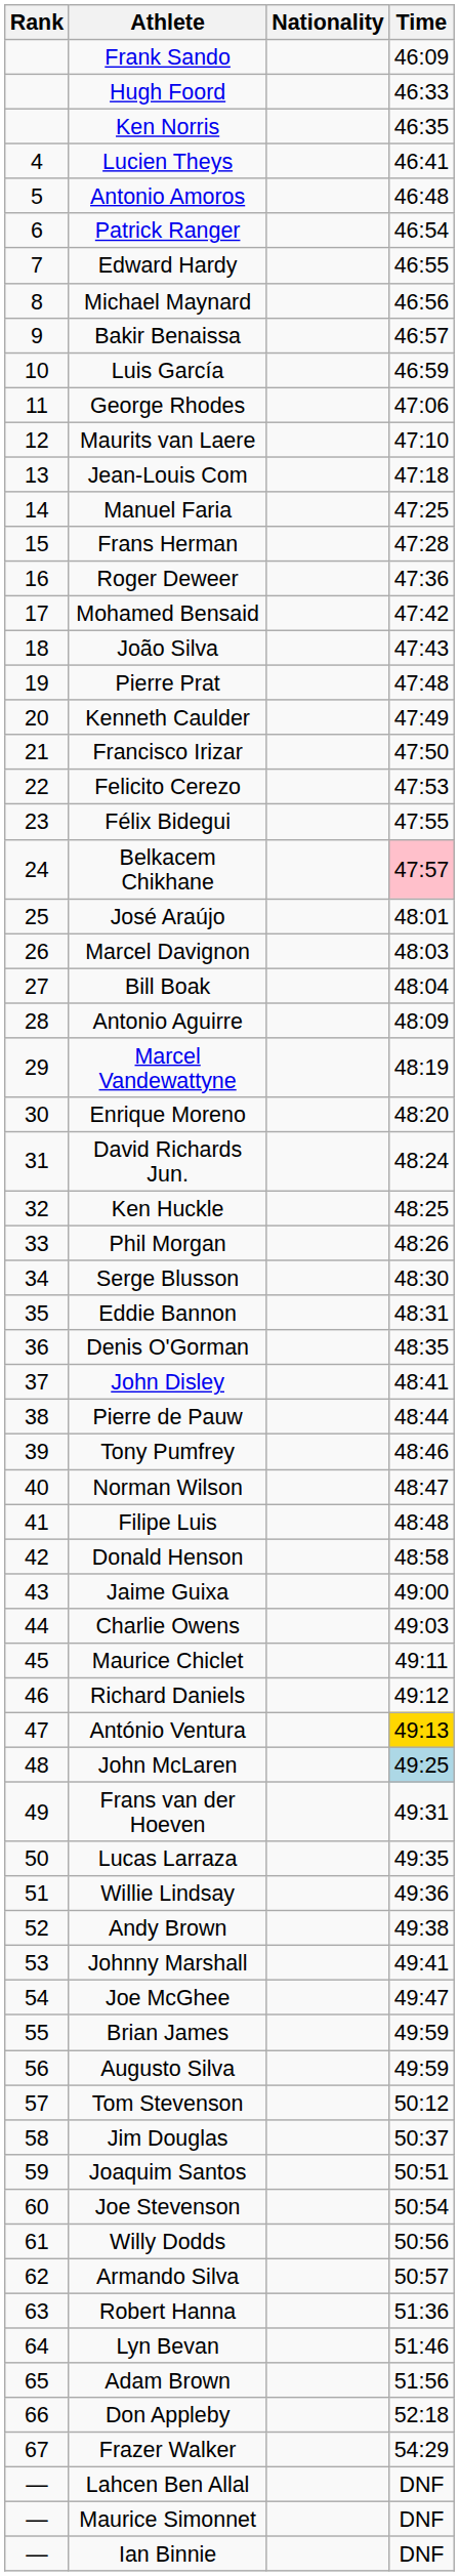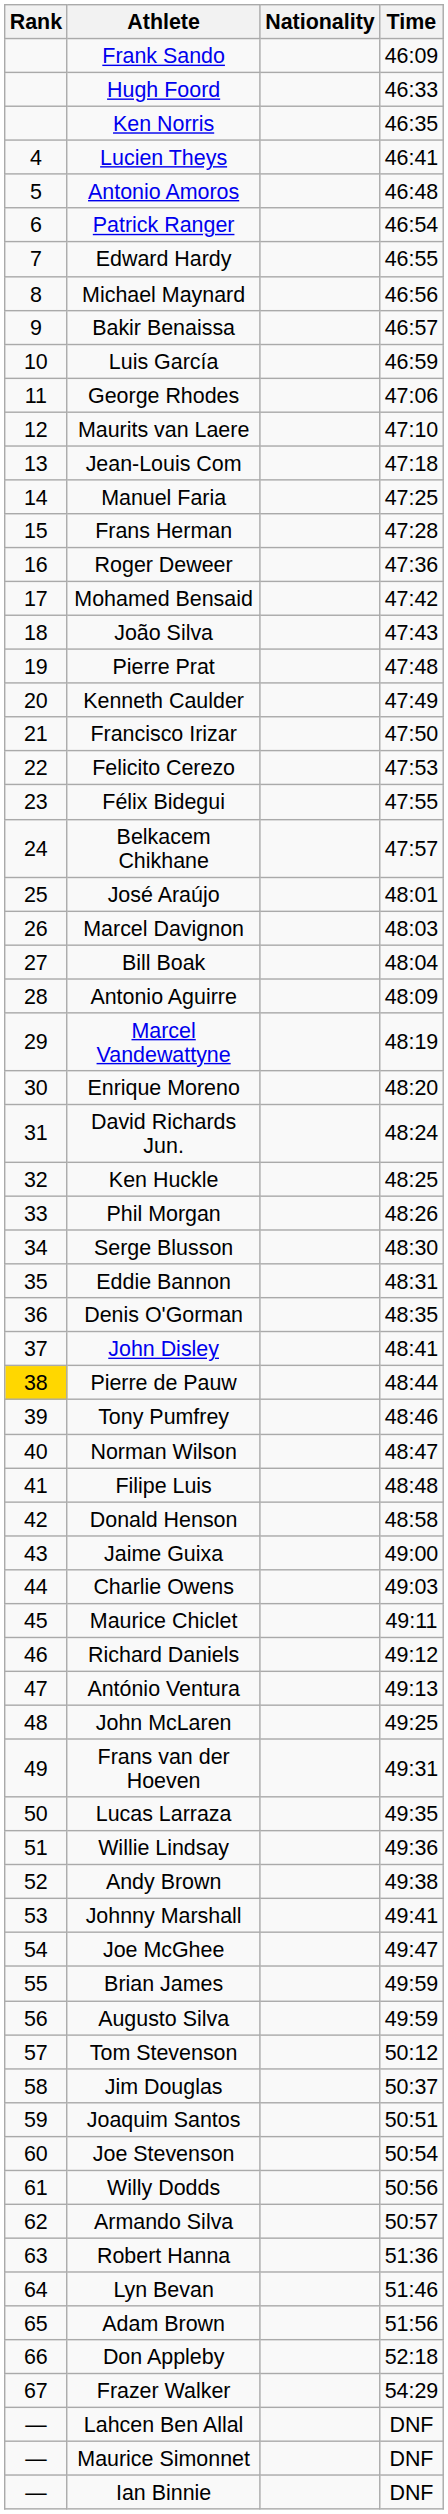 <table class="wikitable sortable" style=" text-align:center; font-size:95%;" width="50%">
 <tr>
 <th>Rank</th>
 <th>Athlete</th>
 <th>Nationality</th>
 <th>Time</th>
 </tr>
 <tr>
 <td align=center></td>
 <td><a href='#'>Frank Sando</a></td>
 <td></td>
 <td>46:09</td>
 </tr>
 <tr>
 <td align=center></td>
 <td><a href='#'>Hugh Foord</a></td>
 <td></td>
 <td>46:33</td>
 </tr>
 <tr>
 <td align=center></td>
 <td><a href='#'>Ken Norris</a></td>
 <td></td>
 <td>46:35</td>
 </tr>
 <tr>
 <td align=center>4</td>
 <td><a href='#'>Lucien Theys</a></td>
 <td></td>
 <td>46:41</td>
 </tr>
 <tr>
 <td align=center>5</td>
 <td><a href='#'>Antonio Amoros</a></td>
 <td></td>
 <td>46:48</td>
 </tr>
 <tr>
 <td align=center>6</td>
 <td><a href='#'>Patrick Ranger</a></td>
 <td></td>
 <td>46:54</td>
 </tr>
 <tr>
 <td align=center>7</td>
 <td>Edward Hardy</td>
 <td></td>
 <td>46:55</td>
 </tr>
 <tr>
 <td align=center>8</td>
 <td>Michael Maynard</td>
 <td></td>
 <td>46:56</td>
 </tr>
 <tr>
 <td align=center>9</td>
 <td>Bakir Benaissa</td>
 <td></td>
 <td>46:57</td>
 </tr>
 <tr>
 <td align=center>10</td>
 <td>Luis García</td>
 <td></td>
 <td>46:59</td>
 </tr>
 <tr>
 <td align=center>11</td>
 <td>George Rhodes</td>
 <td></td>
 <td>47:06</td>
 </tr>
 <tr>
 <td align=center>12</td>
 <td>Maurits van Laere</td>
 <td></td>
 <td>47:10</td>
 </tr>
 <tr>
 <td align=center>13</td>
 <td>Jean-Louis Com</td>
 <td></td>
 <td>47:18</td>
 </tr>
 <tr>
 <td align=center>14</td>
 <td>Manuel Faria</td>
 <td></td>
 <td>47:25</td>
 </tr>
 <tr>
 <td align=center>15</td>
 <td>Frans Herman</td>
 <td></td>
 <td>47:28</td>
 </tr>
 <tr>
 <td align=center>16</td>
 <td>Roger Deweer</td>
 <td></td>
 <td>47:36</td>
 </tr>
 <tr>
 <td align=center>17</td>
 <td>Mohamed Bensaid</td>
 <td></td>
 <td>47:42</td>
 </tr>
 <tr>
 <td align=center>18</td>
 <td>João Silva</td>
 <td></td>
 <td>47:43</td>
 </tr>
 <tr>
 <td align=center>19</td>
 <td>Pierre Prat</td>
 <td></td>
 <td>47:48</td>
 </tr>
 <tr>
 <td align=center>20</td>
 <td>Kenneth Caulder</td>
 <td></td>
 <td>47:49</td>
 </tr>
 <tr>
 <td align=center>21</td>
 <td>Francisco Irizar</td>
 <td></td>
 <td>47:50</td>
 </tr>
 <tr>
 <td align=center>22</td>
 <td>Felicito Cerezo</td>
 <td></td>
 <td>47:53</td>
 </tr>
 <tr>
 <td align=center>23</td>
 <td>Félix Bidegui</td>
 <td></td>
 <td>47:55</td>
 </tr>
 <tr>
 <td align=center>24</td>
 <td>Belkacem Chikhane</td>
 <td></td>
-<td style="background: pink;">47:57</td>
+<td>47:57</td>
 </tr>
 <tr>
 <td align=center>25</td>
 <td>José Araújo</td>
 <td></td>
 <td>48:01</td>
 </tr>
 <tr>
 <td align=center>26</td>
 <td>Marcel Davignon</td>
 <td></td>
 <td>48:03</td>
 </tr>
 <tr>
 <td align=center>27</td>
 <td>Bill Boak</td>
 <td></td>
 <td>48:04</td>
 </tr>
 <tr>
 <td align=center>28</td>
 <td>Antonio Aguirre</td>
 <td></td>
 <td>48:09</td>
 </tr>
 <tr>
 <td align=center>29</td>
 <td><a href='#'>Marcel Vandewattyne</a></td>
 <td></td>
 <td>48:19</td>
 </tr>
 <tr>
 <td align=center>30</td>
 <td>Enrique Moreno</td>
 <td></td>
 <td>48:20</td>
 </tr>
 <tr>
 <td align=center>31</td>
 <td>David Richards Jun.</td>
 <td></td>
 <td>48:24</td>
 </tr>
 <tr>
 <td align=center>32</td>
 <td>Ken Huckle</td>
 <td></td>
 <td>48:25</td>
 </tr>
 <tr>
 <td align=center>33</td>
 <td>Phil Morgan</td>
 <td></td>
 <td>48:26</td>
 </tr>
 <tr>
 <td align=center>34</td>
 <td>Serge Blusson</td>
 <td></td>
 <td>48:30</td>
 </tr>
 <tr>
 <td align=center>35</td>
 <td>Eddie Bannon</td>
 <td></td>
 <td>48:31</td>
 </tr>
 <tr>
 <td align=center>36</td>
 <td>Denis O'Gorman</td>
 <td></td>
 <td>48:35</td>
 </tr>
 <tr>
 <td align=center>37</td>
 <td><a href='#'>John Disley</a></td>
 <td></td>
 <td>48:41</td>
 </tr>
 <tr>
-<td align=center>38</td>
+<td align=center style="background: gold;">38</td>
 <td>Pierre de Pauw</td>
 <td></td>
 <td>48:44</td>
 </tr>
 <tr>
 <td align=center>39</td>
 <td>Tony Pumfrey</td>
 <td></td>
 <td>48:46</td>
 </tr>
 <tr>
 <td align=center>40</td>
 <td>Norman Wilson</td>
 <td></td>
 <td>48:47</td>
 </tr>
 <tr>
 <td align=center>41</td>
 <td>Filipe Luis</td>
 <td></td>
 <td>48:48</td>
 </tr>
 <tr>
 <td align=center>42</td>
 <td>Donald Henson</td>
 <td></td>
 <td>48:58</td>
 </tr>
 <tr>
 <td align=center>43</td>
 <td>Jaime Guixa</td>
 <td></td>
 <td>49:00</td>
 </tr>
 <tr>
 <td align=center>44</td>
 <td>Charlie Owens</td>
 <td></td>
 <td>49:03</td>
 </tr>
 <tr>
 <td align=center>45</td>
 <td>Maurice Chiclet</td>
 <td></td>
 <td>49:11</td>
 </tr>
 <tr>
 <td align=center>46</td>
 <td>Richard Daniels</td>
 <td></td>
 <td>49:12</td>
 </tr>
 <tr>
 <td align=center>47</td>
 <td>António Ventura</td>
 <td></td>
-<td style="background: gold;">49:13</td>
+<td>49:13</td>
 </tr>
 <tr>
 <td align=center>48</td>
 <td>John McLaren</td>
 <td></td>
-<td style="background: lightblue;">49:25</td>
+<td>49:25</td>
 </tr>
 <tr>
 <td align=center>49</td>
 <td>Frans van der Hoeven</td>
 <td></td>
 <td>49:31</td>
 </tr>
 <tr>
 <td align=center>50</td>
 <td>Lucas Larraza</td>
 <td></td>
 <td>49:35</td>
 </tr>
 <tr>
 <td align=center>51</td>
 <td>Willie Lindsay</td>
 <td></td>
 <td>49:36</td>
 </tr>
 <tr>
 <td align=center>52</td>
 <td>Andy Brown</td>
 <td></td>
 <td>49:38</td>
 </tr>
 <tr>
 <td align=center>53</td>
 <td>Johnny Marshall</td>
 <td></td>
 <td>49:41</td>
 </tr>
 <tr>
 <td align=center>54</td>
 <td>Joe McGhee</td>
 <td></td>
 <td>49:47</td>
 </tr>
 <tr>
 <td align=center>55</td>
 <td>Brian James</td>
 <td></td>
 <td>49:59</td>
 </tr>
 <tr>
 <td align=center>56</td>
 <td>Augusto Silva</td>
 <td></td>
 <td>49:59</td>
 </tr>
 <tr>
 <td align=center>57</td>
 <td>Tom Stevenson</td>
 <td></td>
 <td>50:12</td>
 </tr>
 <tr>
 <td align=center>58</td>
 <td>Jim Douglas</td>
 <td></td>
 <td>50:37</td>
 </tr>
 <tr>
 <td align=center>59</td>
 <td>Joaquim Santos</td>
 <td></td>
 <td>50:51</td>
 </tr>
 <tr>
 <td align=center>60</td>
 <td>Joe Stevenson</td>
 <td></td>
 <td>50:54</td>
 </tr>
 <tr>
 <td align=center>61</td>
 <td>Willy Dodds</td>
 <td></td>
 <td>50:56</td>
 </tr>
 <tr>
 <td align=center>62</td>
 <td>Armando Silva</td>
 <td></td>
 <td>50:57</td>
 </tr>
 <tr>
 <td align=center>63</td>
 <td>Robert Hanna</td>
 <td></td>
 <td>51:36</td>
 </tr>
 <tr>
 <td align=center>64</td>
 <td>Lyn Bevan</td>
 <td></td>
 <td>51:46</td>
 </tr>
 <tr>
 <td align=center>65</td>
 <td>Adam Brown</td>
 <td></td>
 <td>51:56</td>
 </tr>
 <tr>
 <td align=center>66</td>
 <td>Don Appleby</td>
 <td></td>
 <td>52:18</td>
 </tr>
 <tr>
 <td align=center>67</td>
 <td>Frazer Walker</td>
 <td></td>
 <td>54:29</td>
 </tr>
 <tr>
 <td align=center>—</td>
 <td>Lahcen Ben Allal</td>
 <td></td>
 <td>DNF</td>
 </tr>
 <tr>
 <td align=center>—</td>
 <td>Maurice Simonnet</td>
 <td></td>
 <td>DNF</td>
 </tr>
 <tr>
 <td align=center>—</td>
 <td>Ian Binnie</td>
 <td></td>
 <td>DNF</td>
 </tr>
 </table>
